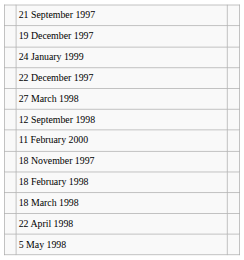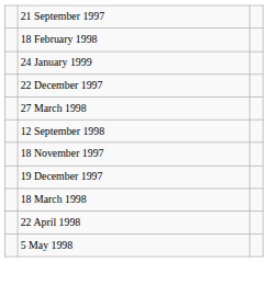 <table class="wikitable" style="font-size: 89%; float: left; width: 24em; margin-right: 1em; line-height: 1.65em !important; height: 324px;">
 <tr>
 <td></td>
 <td>21 September 1997</td>
 <td></td>
 </tr>
 <tr>
 <td></td>
-<td>19 December 1997</td>
+<td>18 February 1998</td>
 <td></td>
 </tr>
 <tr>
 <td></td>
 <td>24 January 1999</td>
 <td></td>
 </tr>
 <tr>
 <td></td>
 <td>22 December 1997</td>
 <td></td>
 </tr>
 <tr>
 <td></td>
 <td>27 March 1998</td>
 <td></td>
 </tr>
 <tr>
 <td></td>
 <td>12 September 1998</td>
 <td></td>
 </tr>
 <tr>
 <td></td>
-<td>11 February 2000</td>
-<td></td>
-</tr>
-<tr>
-<td></td>
 <td>18 November 1997</td>
 <td></td>
 </tr>
 <tr>
 <td></td>
-<td>18 February 1998</td>
+<td>19 December 1997</td>
 <td></td>
 </tr>
 <tr>
 <td></td>
 <td>18 March 1998</td>
 <td></td>
 </tr>
 <tr>
 <td></td>
 <td>22 April 1998</td>
 <td></td>
 </tr>
 <tr>
 <td></td>
 <td>5 May 1998</td>
 <td></td>
 </tr>
 </table>
